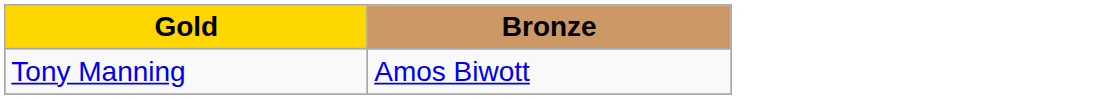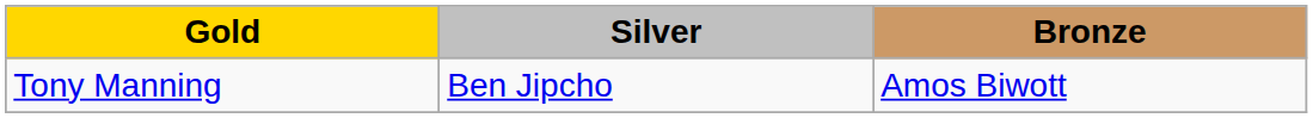 <table class="wikitable">
 <tr>
 <th scope=col style="background-color:gold; width:200px;">Gold</th>
+<th scope=col style="background-color:silver; width:200px;">Silver</th>
 <th scope=col style="background-color:#cc9966; width:200px;">Bronze</th>
 </tr>
 <tr>
 <td><a href='#'>Tony Manning</a><br><em></em></td>
+<td><a href='#'>Ben Jipcho</a><br><em></em></td>
 <td><a href='#'>Amos Biwott</a><br><em></em></td>
 </tr>
 </table>
